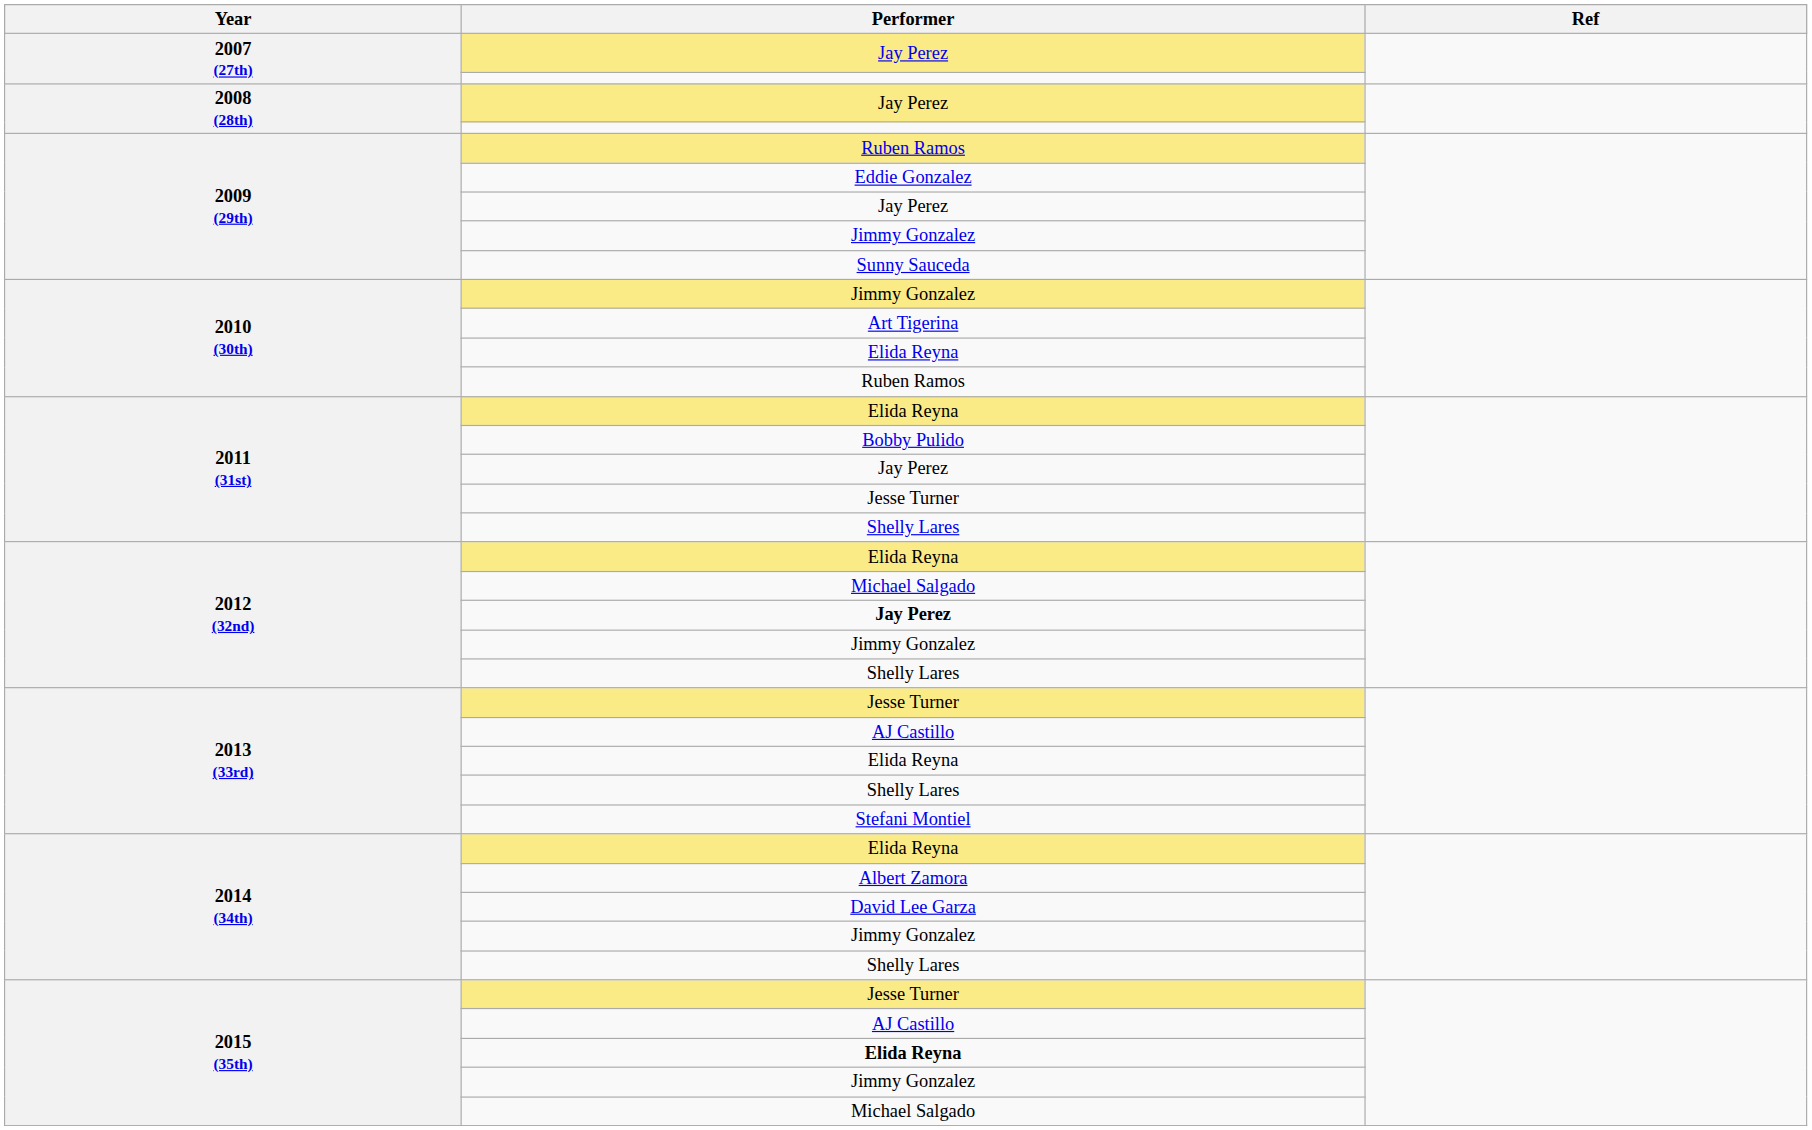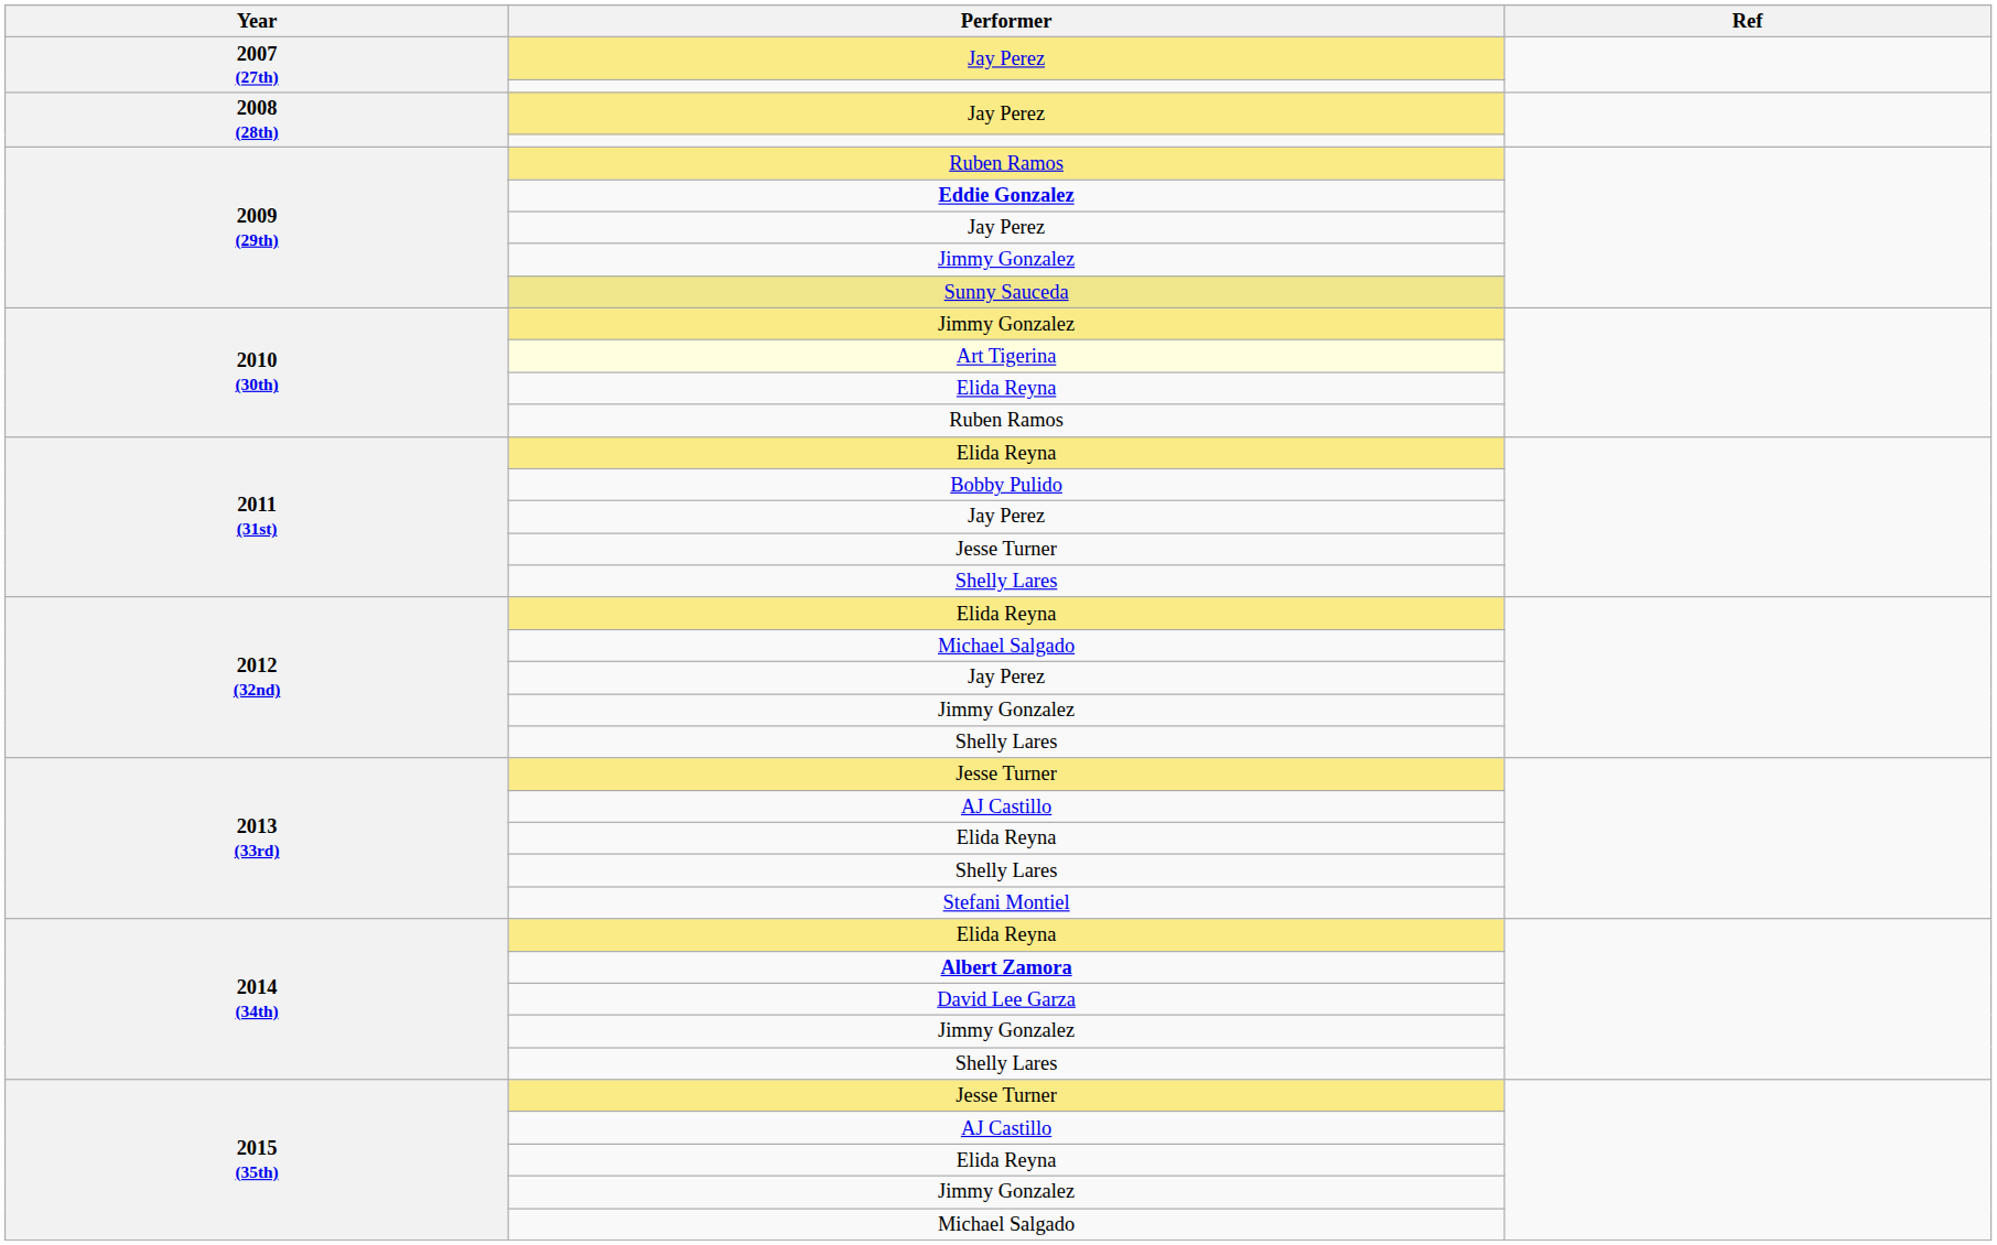 <table class="wikitable sortable" style="text-align:center;">
 <tr style="background:#bebebe;">
 <th scope="col" style="width:1%;">Year</th>
 <th scope="col" style="width:2%;">Performer</th>
 <th scope="col" style="width:1%;" class="unsortable">Ref</th>
 </tr>
 <tr>
 <th scope="row" rowspan=2>2007 <br><small><a href='#'>(27th)</a></small></th>
 <td style="background:#FAEB86"><a href='#'>Jay Perez</a></td>
 <td rowspan=2></td>
 </tr>
 <tr>
 <td></td>
 </tr>
 <tr>
 <th scope="row" rowspan=2>2008 <br><small><a href='#'>(28th)</a></small></th>
 <td style="background:#FAEB86">Jay Perez</td>
 <td rowspan=2></td>
 </tr>
 <tr>
 <td></td>
 </tr>
 <tr>
 <th scope="row" rowspan=5>2009 <br><small><a href='#'>(29th)</a></small></th>
 <td style="background:#FAEB86"><a href='#'>Ruben Ramos</a></td>
 <td rowspan=5></td>
 </tr>
 <tr>
-<td><a href='#'>Eddie Gonzalez</a></td>
+<td><strong><a href='#'>Eddie Gonzalez</a></strong></td>
 </tr>
 <tr>
 <td>Jay Perez</td>
 </tr>
 <tr>
 <td><a href='#'>Jimmy Gonzalez</a></td>
 </tr>
 <tr>
-<td><a href='#'>Sunny Sauceda</a></td>
+<td style="background: khaki;"><a href='#'>Sunny Sauceda</a></td>
 </tr>
 <tr>
 <th scope="row" rowspan=4>2010 <br><small><a href='#'>(30th)</a></small></th>
 <td style="background:#FAEB86">Jimmy Gonzalez</td>
 <td rowspan=4></td>
 </tr>
 <tr>
-<td><a href='#'>Art Tigerina</a></td>
+<td style="background: lightyellow;"><a href='#'>Art Tigerina</a></td>
 </tr>
 <tr>
 <td><a href='#'>Elida Reyna</a></td>
 </tr>
 <tr>
 <td>Ruben Ramos</td>
 </tr>
 <tr>
 <th scope="row" rowspan=5>2011 <br><small><a href='#'>(31st)</a></small></th>
 <td style="background:#FAEB86">Elida Reyna</td>
 <td rowspan=5></td>
 </tr>
 <tr>
 <td><a href='#'>Bobby Pulido</a></td>
 </tr>
 <tr>
 <td>Jay Perez</td>
 </tr>
 <tr>
 <td>Jesse Turner</td>
 </tr>
 <tr>
 <td><a href='#'>Shelly Lares</a></td>
 </tr>
 <tr>
 <th scope="row" rowspan=5>2012 <br><small><a href='#'>(32nd)</a></small></th>
 <td style="background:#FAEB86">Elida Reyna</td>
 <td rowspan=5></td>
 </tr>
 <tr>
 <td><a href='#'>Michael Salgado</a></td>
 </tr>
 <tr>
-<td><strong>Jay Perez</strong></td>
+<td>Jay Perez</td>
 </tr>
 <tr>
 <td>Jimmy Gonzalez</td>
 </tr>
 <tr>
 <td>Shelly Lares</td>
 </tr>
 <tr>
 <th scope="row" rowspan=5>2013 <br><small><a href='#'>(33rd)</a></small></th>
 <td style="background:#FAEB86">Jesse Turner</td>
 <td rowspan=5></td>
 </tr>
 <tr>
 <td><a href='#'>AJ Castillo</a></td>
 </tr>
 <tr>
 <td>Elida Reyna</td>
 </tr>
 <tr>
 <td>Shelly Lares</td>
 </tr>
 <tr>
 <td><a href='#'>Stefani Montiel</a></td>
 </tr>
 <tr>
 <th scope="row" rowspan=5>2014 <br><small><a href='#'>(34th)</a></small></th>
 <td style="background:#FAEB86">Elida Reyna</td>
 <td rowspan=5></td>
 </tr>
 <tr>
-<td><a href='#'>Albert Zamora</a></td>
+<td><strong><a href='#'>Albert Zamora</a></strong></td>
 </tr>
 <tr>
 <td><a href='#'>David Lee Garza</a></td>
 </tr>
 <tr>
 <td>Jimmy Gonzalez</td>
 </tr>
 <tr>
 <td>Shelly Lares</td>
 </tr>
 <tr>
 <th scope="row" rowspan=5>2015 <br><small><a href='#'>(35th)</a></small></th>
 <td style="background:#FAEB86">Jesse Turner</td>
 <td rowspan=5></td>
 </tr>
 <tr>
 <td><a href='#'>AJ Castillo</a></td>
 </tr>
 <tr>
-<td><strong>Elida Reyna</strong></td>
+<td>Elida Reyna</td>
 </tr>
 <tr>
 <td>Jimmy Gonzalez</td>
 </tr>
 <tr>
 <td>Michael Salgado</td>
 </tr>
 <tr>
 </tr>
 </table>
